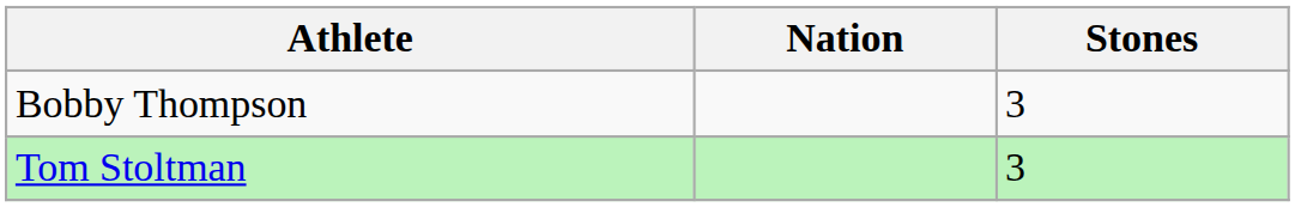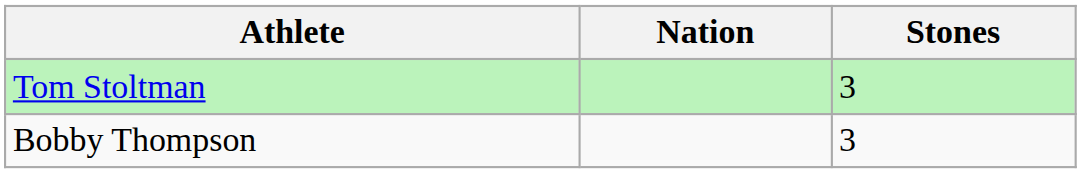 <table class="wikitable" style="display: inline-table; width: 40%;">
 <tr>
 <th scope="col">Athlete</th>
 <th scope="col">Nation</th>
 <th scope="col">Stones</th>
 </tr>
+<tr bgcolor=bbf3bb>
+<td><a href='#'>Tom Stoltman</a></td>
+<td></td>
+<td>3</td>
+</tr>
 <tr>
 <td>Bobby Thompson</td>
 <td></td>
 <td>3</td>
 </tr>
-<tr bgcolor=bbf3bb>
-<td><a href='#'>Tom Stoltman</a></td>
-<td></td>
-<td>3</td>
-</tr>
 </table>
